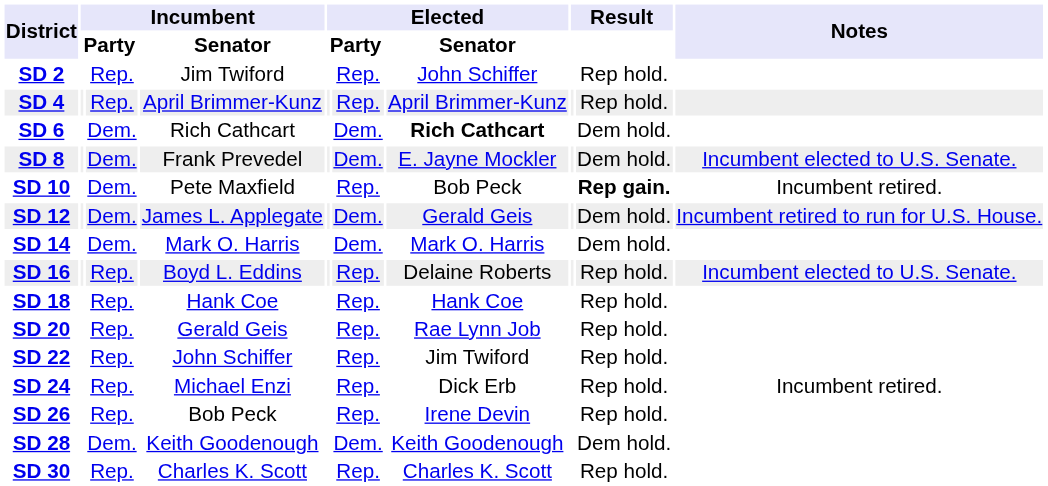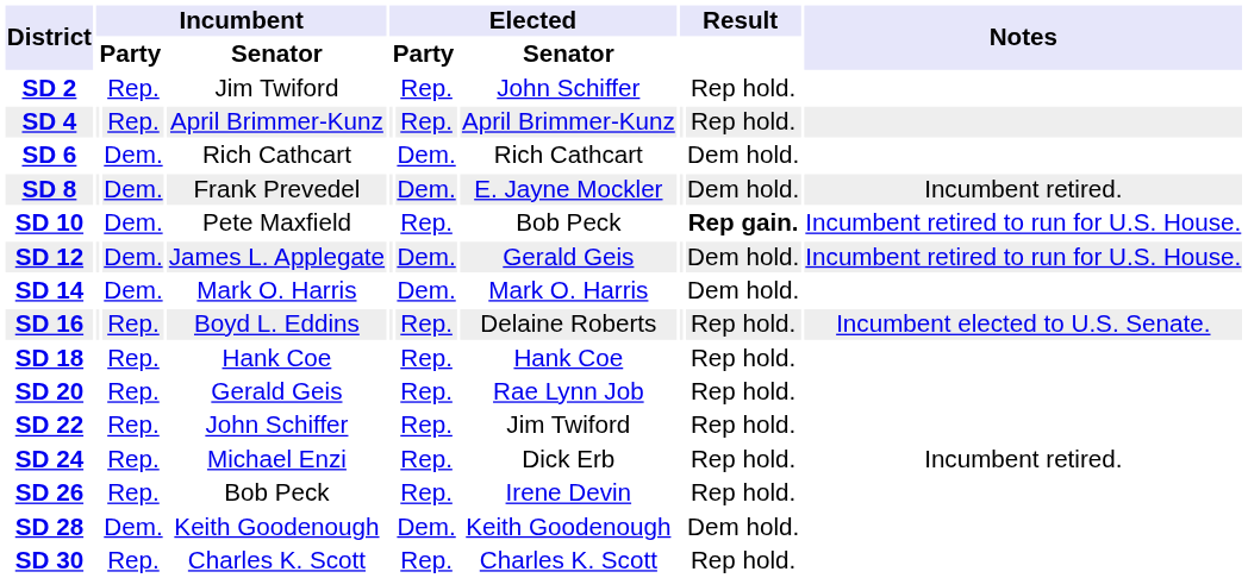 <table class="toccolours sortable" style="text-align:center;">
 <tr style="background:lavender">
 <th rowspan="2">District</th>
 <th colspan=3>Incumbent</th>
 <th colspan=3>Elected</th>
 <th colspan=2>Result</th>
 <th rowspan="2">Notes</th>
 </tr>
 <tr>
 <th colspan=2 align="center">Party</th>
 <th align="center">Senator</th>
 <th colspan=2 align="center">Party</th>
 <th align="center">Senator</th>
 <th colspan=2></th>
 </tr>
 <tr>
 <th><a href='#'>SD 2</a></th>
 <td style="background-color:"></td>
 <td><a href='#'>Rep.</a></td>
 <td>Jim Twiford</td>
 <td style="background-color:"></td>
 <td><a href='#'>Rep.</a></td>
 <td><a href='#'>John Schiffer</a></td>
 <td style="background-color:"></td>
 <td>Rep hold.</td>
 <td></td>
 </tr>
 <tr style="background:#EEEEEE;">
 <th><a href='#'>SD 4</a></th>
 <td style="background-color:"></td>
 <td><a href='#'>Rep.</a></td>
 <td><a href='#'>April Brimmer-Kunz</a></td>
 <td style="background-color:"></td>
 <td><a href='#'>Rep.</a></td>
 <td><a href='#'>April Brimmer-Kunz</a></td>
 <td style="background-color:"></td>
 <td>Rep hold.</td>
 <td></td>
 </tr>
 <tr>
 <th><a href='#'>SD 6</a></th>
 <td style="background-color:"></td>
 <td><a href='#'>Dem.</a></td>
 <td>Rich Cathcart</td>
 <td style="background-color:"></td>
 <td><a href='#'>Dem.</a></td>
-<td><strong>Rich Cathcart</strong></td>
+<td>Rich Cathcart</td>
 <td style="background-color:"></td>
 <td>Dem hold.</td>
 <td></td>
 </tr>
 <tr style="background:#EEEEEE;">
 <th><a href='#'>SD 8</a></th>
 <td style="background-color:"></td>
 <td><a href='#'>Dem.</a></td>
 <td>Frank Prevedel</td>
 <td style="background-color:"></td>
 <td><a href='#'>Dem.</a></td>
 <td><a href='#'>E. Jayne Mockler</a></td>
 <td style="background-color:"></td>
 <td>Dem hold.</td>
-<td><a href='#'>Incumbent elected to U.S. Senate.</a></td>
+<td>Incumbent retired.</td>
 </tr>
 <tr>
 <th><a href='#'>SD 10</a></th>
 <td style="background-color:"></td>
 <td><a href='#'>Dem.</a></td>
 <td>Pete Maxfield</td>
 <td style="background-color:"></td>
 <td><a href='#'>Rep.</a></td>
 <td>Bob Peck</td>
 <td style="background-color:"></td>
 <td><strong>Rep gain.</strong></td>
-<td>Incumbent retired.</td>
+<td><a href='#'>Incumbent retired to run for U.S. House.</a></td>
 </tr>
 <tr style="background:#EEEEEE;">
 <th><a href='#'>SD 12</a></th>
 <td style="background-color:"></td>
 <td><a href='#'>Dem.</a></td>
 <td><a href='#'>James L. Applegate</a></td>
 <td style="background-color:"></td>
 <td><a href='#'>Dem.</a></td>
 <td><a href='#'>Gerald Geis</a></td>
 <td style="background-color:"></td>
 <td>Dem hold.</td>
 <td><a href='#'>Incumbent retired to run for U.S. House.</a></td>
 </tr>
 <tr>
 <th><a href='#'>SD 14</a></th>
 <td style="background-color:"></td>
 <td><a href='#'>Dem.</a></td>
 <td><a href='#'>Mark O. Harris</a></td>
 <td style="background-color:"></td>
 <td><a href='#'>Dem.</a></td>
 <td><a href='#'>Mark O. Harris</a></td>
 <td style="background-color:"></td>
 <td>Dem hold.</td>
 <td></td>
 </tr>
 <tr style="background:#EEEEEE;">
 <th><a href='#'>SD 16</a></th>
 <td style="background-color:"></td>
 <td><a href='#'>Rep.</a></td>
 <td><a href='#'>Boyd L. Eddins</a></td>
 <td style="background-color:"></td>
 <td><a href='#'>Rep.</a></td>
 <td>Delaine Roberts</td>
 <td style="background-color:"></td>
 <td>Rep hold.</td>
 <td><a href='#'>Incumbent elected to U.S. Senate.</a></td>
 </tr>
 <tr>
 <th><a href='#'>SD 18</a></th>
 <td style="background-color:"></td>
 <td><a href='#'>Rep.</a></td>
 <td><a href='#'>Hank Coe</a></td>
 <td style="background-color:"></td>
 <td><a href='#'>Rep.</a></td>
 <td><a href='#'>Hank Coe</a></td>
 <td style="background-color:"></td>
 <td>Rep hold.</td>
 <td></td>
 </tr>
 <tr>
 <th><a href='#'>SD 20</a></th>
 <td style="background-color:"></td>
 <td><a href='#'>Rep.</a></td>
 <td><a href='#'>Gerald Geis</a></td>
 <td style="background-color:"></td>
 <td><a href='#'>Rep.</a></td>
 <td><a href='#'>Rae Lynn Job</a></td>
 <td style="background-color:"></td>
 <td>Rep hold.</td>
 <td></td>
 </tr>
 <tr>
 <th><a href='#'>SD 22</a></th>
 <td style="background-color:"></td>
 <td><a href='#'>Rep.</a></td>
 <td><a href='#'>John Schiffer</a></td>
 <td style="background-color:"></td>
 <td><a href='#'>Rep.</a></td>
 <td>Jim Twiford</td>
 <td style="background-color:"></td>
 <td>Rep hold.</td>
 <td></td>
 </tr>
 <tr>
 <th><a href='#'>SD 24</a></th>
 <td style="background-color:"></td>
 <td><a href='#'>Rep.</a></td>
 <td><a href='#'>Michael Enzi</a></td>
 <td style="background-color:"></td>
 <td><a href='#'>Rep.</a></td>
 <td>Dick Erb</td>
 <td style="background-color:"></td>
 <td>Rep hold.</td>
 <td>Incumbent retired.</td>
 </tr>
 <tr>
 <th><a href='#'>SD 26</a></th>
 <td style="background-color:"></td>
 <td><a href='#'>Rep.</a></td>
 <td>Bob Peck</td>
 <td style="background-color:"></td>
 <td><a href='#'>Rep.</a></td>
 <td><a href='#'>Irene Devin</a></td>
 <td style="background-color:"></td>
 <td>Rep hold.</td>
 <td></td>
 </tr>
 <tr>
 <th><a href='#'>SD 28</a></th>
 <td style="background-color:"></td>
 <td><a href='#'>Dem.</a></td>
 <td><a href='#'>Keith Goodenough</a></td>
 <td style="background-color:"></td>
 <td><a href='#'>Dem.</a></td>
 <td><a href='#'>Keith Goodenough</a></td>
 <td style="background-color:"></td>
 <td>Dem hold.</td>
 <td></td>
 </tr>
 <tr>
 <th><a href='#'>SD 30</a></th>
 <td style="background-color:"></td>
 <td><a href='#'>Rep.</a></td>
 <td><a href='#'>Charles K. Scott</a></td>
 <td style="background-color:"></td>
 <td><a href='#'>Rep.</a></td>
 <td><a href='#'>Charles K. Scott</a></td>
 <td style="background-color:"></td>
 <td>Rep hold.</td>
 <td></td>
 </tr>
 <tr>
 </tr>
 </table>
